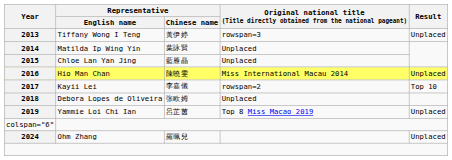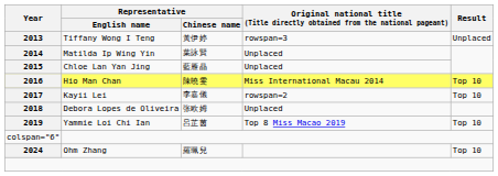 <table class="wikitable defaultcenter col2left" style="font-size:90%;">
 <tr>
 <th rowspan=2>Year</th>
 <th colspan=2>Representative</th>
 <th rowspan=2>Original national title<br><small>(Title directly obtained from the national pageant)</small></th>
 <th rowspan=2>Result</th>
 </tr>
 <tr>
 <th>English name</th>
 <th>Chinese name</th>
 </tr>
 <tr>
 <th>2013</th>
 <td>Tiffany Wong I Teng</td>
 <td>黃伊婷</td>
 <td>rowspan=3 </td>
 <td>Unplaced</td>
 </tr>
 <tr>
 <th>2014</th>
 <td>Matilda Ip Wing Yin</td>
 <td>葉詠賢</td>
 <td>Unplaced</td>
 </tr>
 <tr>
 <th>2015</th>
 <td>Chloe Lan Yan Jing</td>
 <td>藍雁晶</td>
 <td>Unplaced</td>
 </tr>
 <tr bgcolor=#FFFF66>
 <th>2016</th>
 <td>Hio Man Chan</td>
 <td>陳曉雯</td>
 <td>Miss International Macau 2014</td>
-<td>Unplaced</td>
+<td>Top 10</td>
 </tr>
 <tr>
 <th>2017</th>
 <td>Kayii Lei</td>
 <td>李嘉儀</td>
 <td>rowspan=2 </td>
 <td>Top 10</td>
 </tr>
 <tr>
 <th>2018</th>
 <td>Debora Lopes de Oliveira</td>
 <td>张欧姆</td>
 <td>Unplaced</td>
 </tr>
 <tr>
 <th>2019</th>
 <td>Yammie Loi Chi Ian</td>
 <td>呂芷茵</td>
 <td>Top 8 <a href='#'>Miss Macao 2019</a></td>
-<td>Unplaced</td>
+<td>Top 10</td>
 </tr>
 <tr>
 <td>colspan="6"  </td>
 </tr>
 <tr>
 <th>2024</th>
 <td>Ohm Zhang</td>
 <td>羅珮兒</td>
 <td></td>
-<td>Unplaced</td>
+<td>Top 10</td>
 </tr>
 <tr>
 <td colspan="6"><br></td>
 </tr>
 </table>
